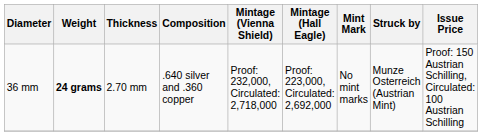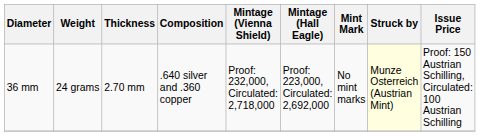 <table class="wikitable">
 <tr>
 <th>Diameter</th>
 <th>Weight</th>
 <th>Thickness</th>
 <th>Composition</th>
 <th>Mintage (Vienna Shield)</th>
 <th>Mintage (Hall Eagle)</th>
 <th>Mint Mark</th>
 <th>Struck by</th>
 <th>Issue Price</th>
 </tr>
 <tr>
 <td>36 mm</td>
-<td><strong>24 grams</strong></td>
+<td>24 grams</td>
 <td>2.70 mm</td>
 <td>.640 silver and .360 copper</td>
 <td>Proof: 232,000, Circulated: 2,718,000</td>
 <td>Proof: 223,000, Circulated: 2,692,000</td>
 <td>No mint marks</td>
-<td>Munze Osterreich (Austrian Mint)</td>
+<td style="background: lightyellow;">Munze Osterreich (Austrian Mint)</td>
 <td>Proof: 150 Austrian Schilling, Circulated: 100 Austrian Schilling</td>
 </tr>
 <tr>
 </tr>
 </table>
